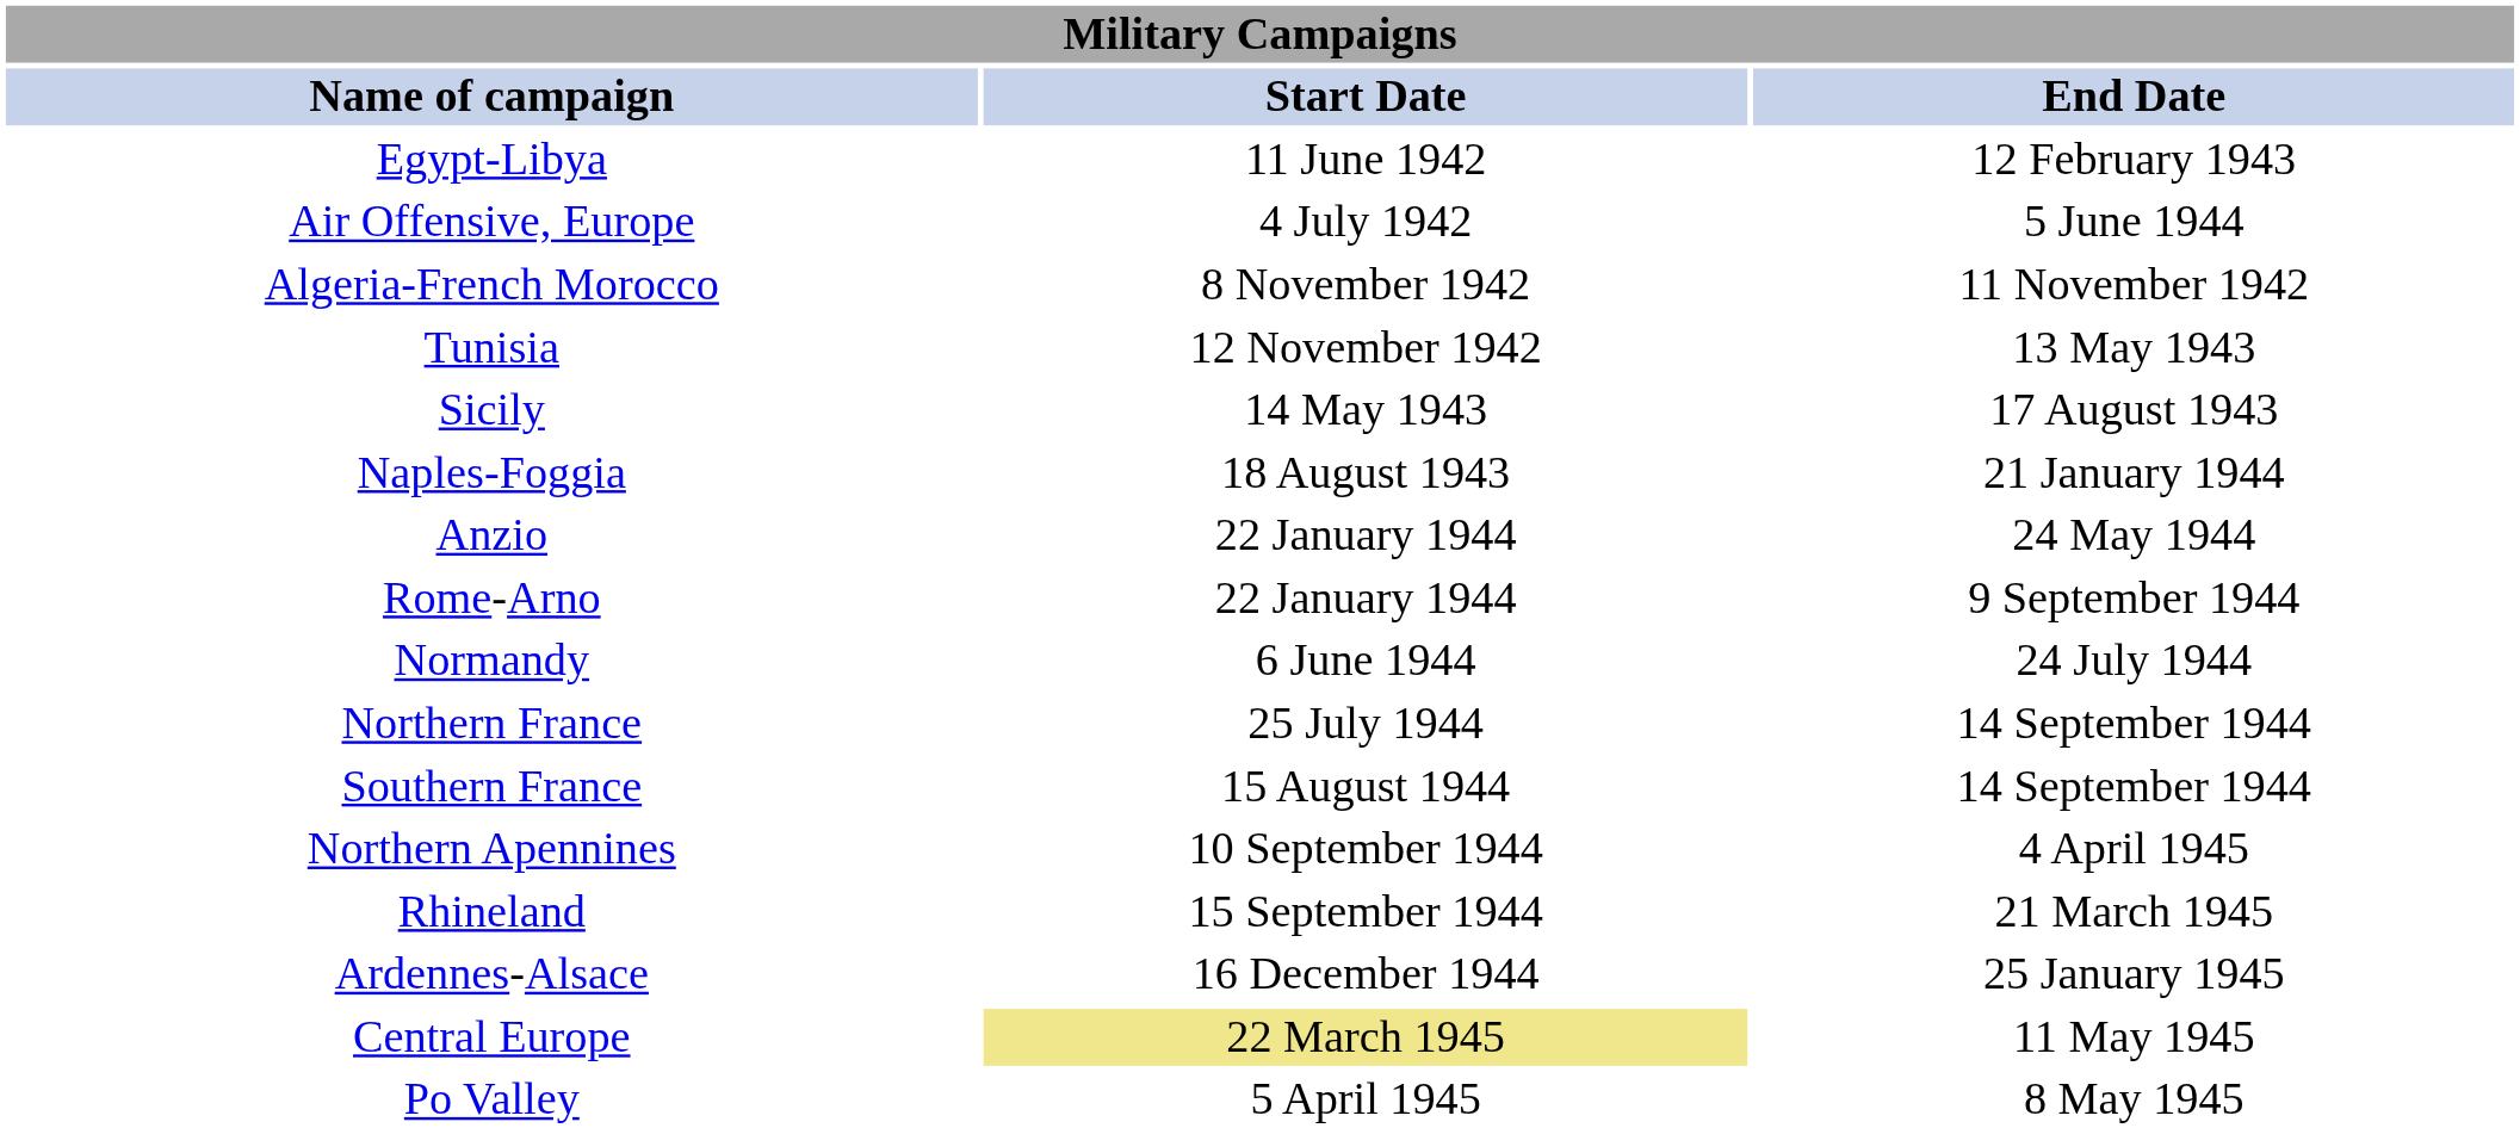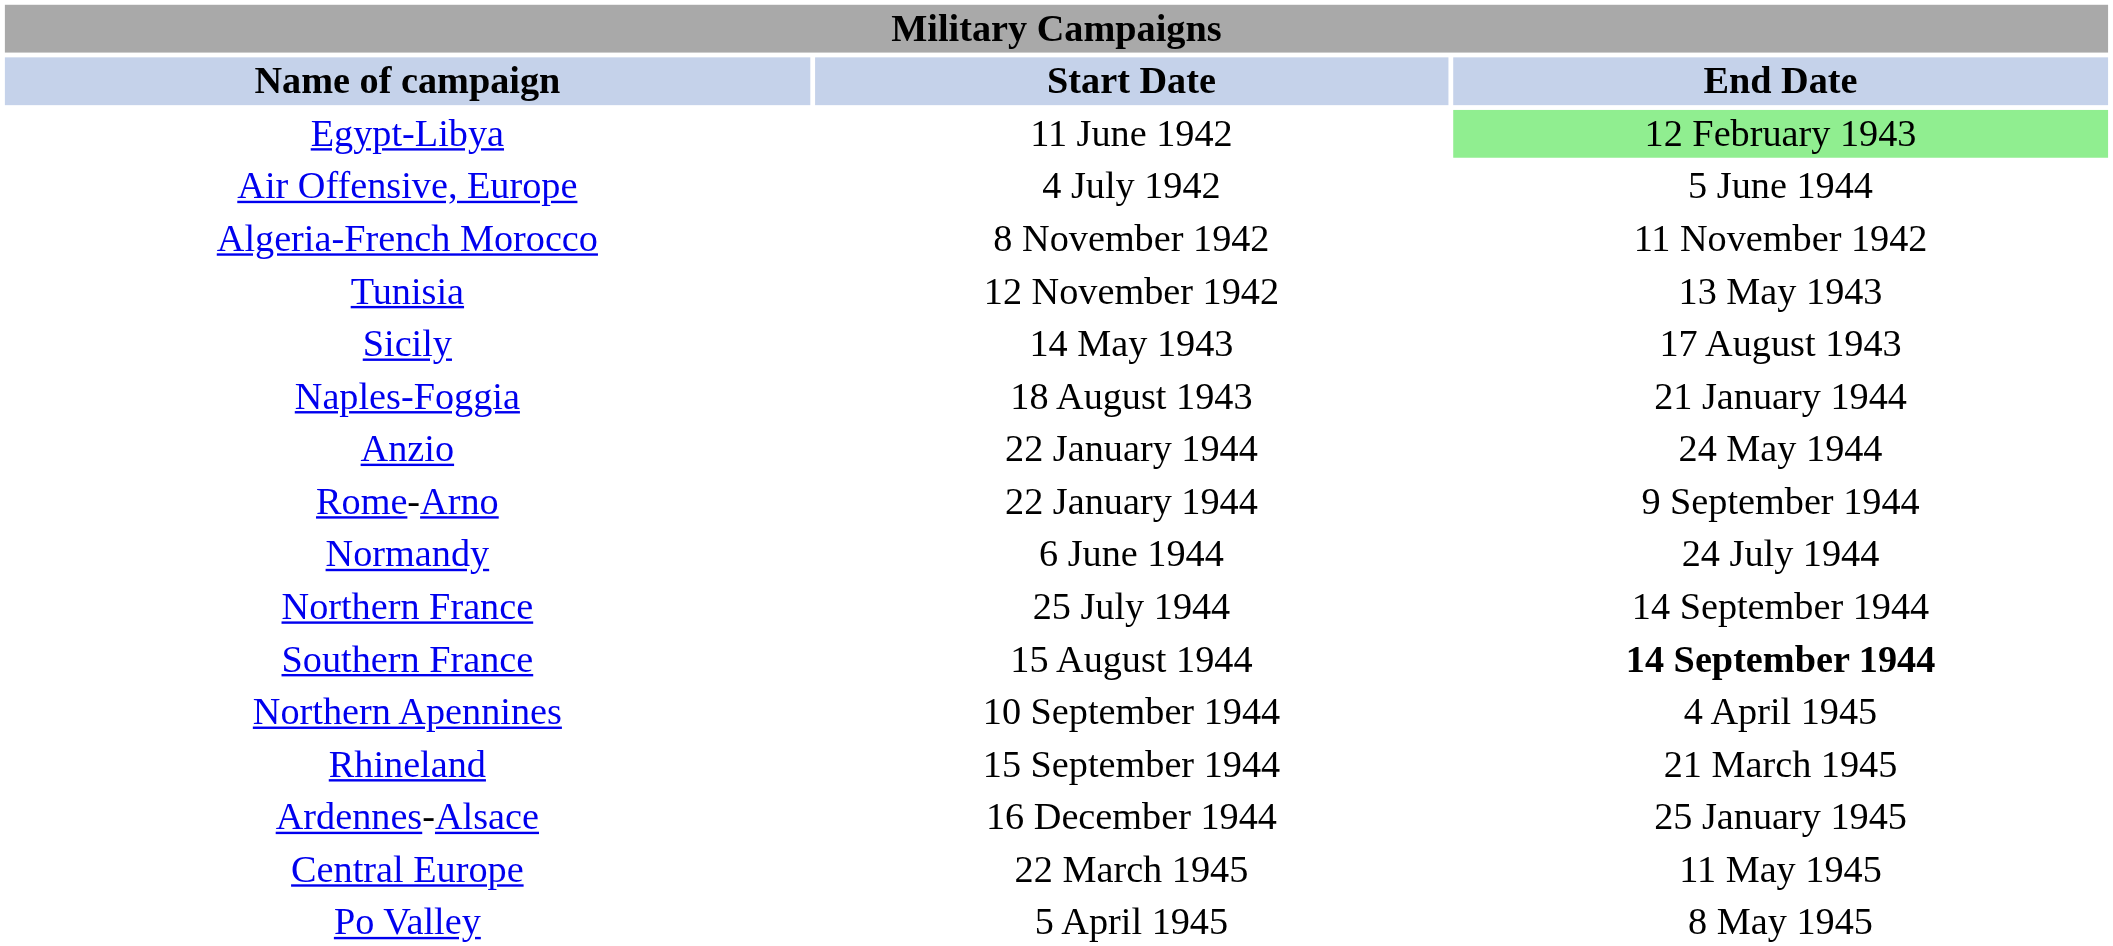 <table class="toccolours"  style="width:70%; clear:both; margin:1.5em auto; text-align:center;">
 <tr>
 <th colspan="7" style="background:darkGrey;"><span>Military Campaigns </span></th>
 </tr>
 <tr valign="top" style="background:#c5d2ea;">
 <th>Name of campaign</th>
 <th>Start Date</th>
 <th>End Date</th>
 </tr>
 <tr>
 <td><a href='#'>Egypt-Libya</a></td>
 <td>11 June 1942</td>
-<td>12 February 1943</td>
+<td style="background: lightgreen;">12 February 1943</td>
 </tr>
 <tr>
 <td><a href='#'>Air Offensive, Europe</a></td>
 <td>4 July 1942</td>
 <td>5 June 1944</td>
 </tr>
 <tr>
 <td><a href='#'>Algeria-French Morocco</a></td>
 <td>8 November 1942</td>
 <td>11 November 1942</td>
 </tr>
 <tr>
 <td><a href='#'>Tunisia</a></td>
 <td>12 November 1942</td>
 <td>13 May 1943</td>
 </tr>
 <tr>
 <td><a href='#'>Sicily</a></td>
 <td>14 May 1943</td>
 <td>17 August 1943</td>
 </tr>
 <tr>
 <td><a href='#'>Naples-Foggia</a></td>
 <td>18 August 1943</td>
 <td>21 January 1944</td>
 </tr>
 <tr>
 <td><a href='#'>Anzio</a></td>
 <td>22 January 1944</td>
 <td>24 May 1944</td>
 </tr>
 <tr>
 <td><a href='#'>Rome</a>-<a href='#'>Arno</a></td>
 <td>22 January 1944</td>
 <td>9 September 1944</td>
 </tr>
 <tr>
 <td><a href='#'>Normandy</a></td>
 <td>6 June 1944</td>
 <td>24 July 1944</td>
 </tr>
 <tr>
 <td><a href='#'>Northern France</a></td>
 <td>25 July 1944</td>
 <td>14 September 1944</td>
 </tr>
 <tr>
 <td><a href='#'>Southern France</a></td>
 <td>15 August 1944</td>
-<td>14 September 1944</td>
+<td><strong>14 September 1944</strong></td>
 </tr>
 <tr>
 <td><a href='#'>Northern Apennines</a></td>
 <td>10 September 1944</td>
 <td>4 April 1945</td>
 </tr>
 <tr>
 <td><a href='#'>Rhineland</a></td>
 <td>15 September 1944</td>
 <td>21 March 1945</td>
 </tr>
 <tr>
 <td><a href='#'>Ardennes</a>-<a href='#'>Alsace</a></td>
 <td>16 December 1944</td>
 <td>25 January 1945</td>
 </tr>
 <tr>
 <td><a href='#'>Central Europe</a></td>
-<td style="background: khaki;">22 March 1945</td>
+<td>22 March 1945</td>
 <td>11 May 1945</td>
 </tr>
 <tr>
 <td><a href='#'>Po Valley</a></td>
 <td>5 April 1945</td>
 <td>8 May 1945</td>
 </tr>
 </table>
